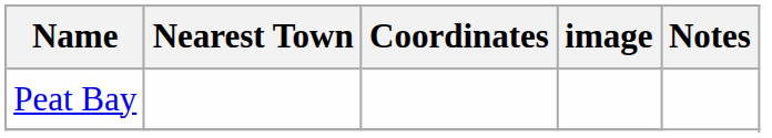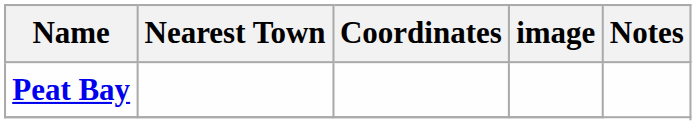 <table class="wikitable sortable" style="table-layout:fixed;background-color:#FEFEFE;font-size:95%;padding:0.30em;line-height:1.35em;">
 <tr>
 <th scope="col">Name</th>
 <th scope="col">Nearest Town</th>
 <th scope="col" data-sort-type="number">Coordinates</th>
 <th scope="col">image</th>
 <th class="unsortable">Notes</th>
 </tr>
 <tr>
-<td><a href='#'>Peat Bay</a></td>
+<td><strong><a href='#'>Peat Bay</a></strong></td>
 <td></td>
 <td></td>
 <td></td>
 </tr>
 <tr>
 </tr>
 </table>
